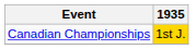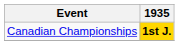 <table class="wikitable">
 <tr>
 <th>Event</th>
 <th>1935</th>
 </tr>
 <tr>
 <td><a href='#'>Canadian Championships</a></td>
-<td align="center" bgcolor="gold">1st J.</td>
+<td align="center" bgcolor="gold"><strong>1st J.</strong></td>
 </tr>
 <tr>
 </tr>
 </table>
